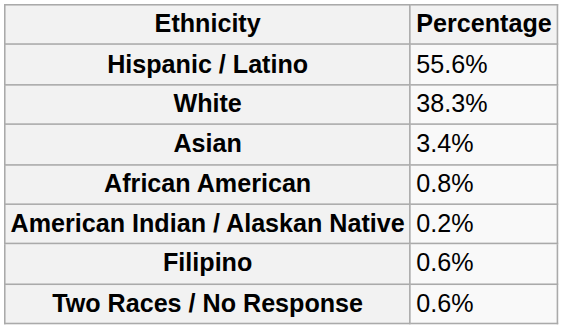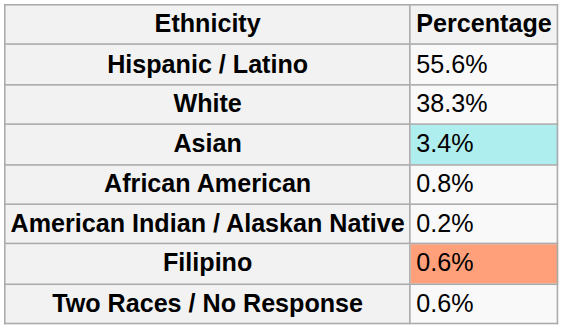 <table class="wikitable">
 <tr>
 <th>Ethnicity</th>
 <th>Percentage</th>
 </tr>
 <tr>
 <th>Hispanic / Latino</th>
 <td>55.6%</td>
 </tr>
 <tr>
 <th>White</th>
 <td>38.3%</td>
 </tr>
 <tr>
 <th>Asian</th>
-<td>3.4%</td>
+<td style="background: paleturquoise;">3.4%</td>
 </tr>
 <tr>
 <th>African American</th>
 <td>0.8%</td>
 </tr>
 <tr>
 <th>American Indian / Alaskan Native</th>
 <td>0.2%</td>
 </tr>
 <tr>
 <th>Filipino</th>
-<td>0.6%</td>
+<td style="background: lightsalmon;">0.6%</td>
 </tr>
 <tr>
 <th>Two Races / No Response</th>
 <td>0.6%</td>
 </tr>
 </table>
